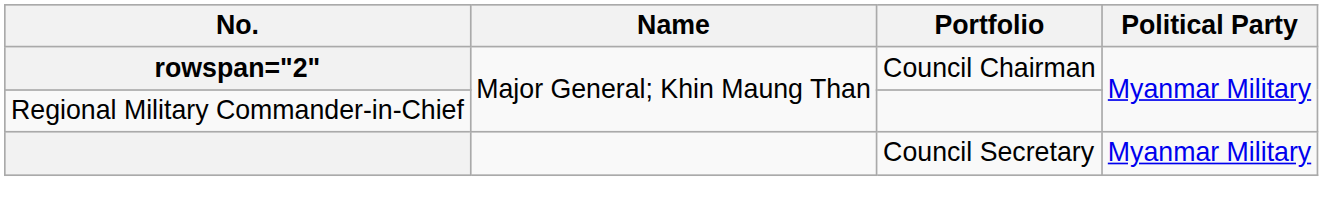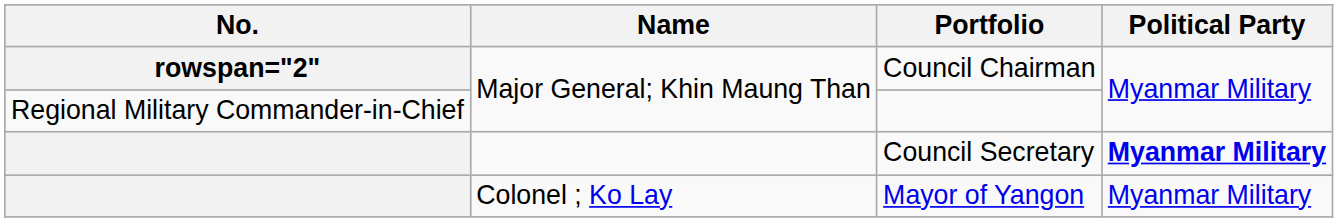 <table class="wikitable">
 <tr>
 <th>No.</th>
 <th>Name</th>
 <th>Portfolio</th>
 <th>Political Party</th>
 </tr>
 <tr>
 <th>rowspan="2"  </th>
 <td rowspan="2">Major General; Khin Maung Than</td>
 <td>Council Chairman</td>
 <td rowspan="2"><a href='#'>Myanmar Military</a></td>
 </tr>
 <tr>
 <td>Regional Military Commander-in-Chief</td>
 </tr>
 <tr>
 <th> </th>
 <td></td>
 <td>Council Secretary</td>
+<td><strong><a href='#'>Myanmar Military</a></strong></td>
+</tr>
+<tr>
+<th> </th>
+<td>Colonel ; <a href='#'>Ko Lay</a></td>
+<td><a href='#'>Mayor of Yangon</a></td>
 <td><a href='#'>Myanmar Military</a></td>
 </tr>
 </table>
